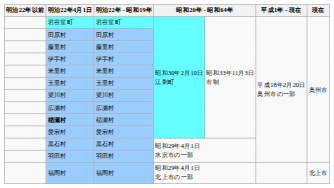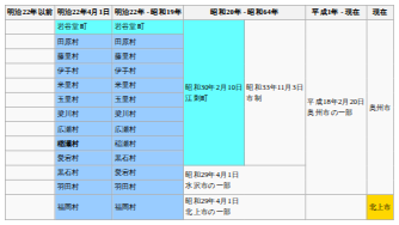 <table class="wikitable" style="font-size:x-small">
 <tr>
 <th>明治22年以前</th>
 <th>明治22年4月1日</th>
 <th>明治22年 - 昭和19年</th>
 <th colspan="2">昭和20年 - 昭和64年</th>
 <th>平成1年 - 現在</th>
 <th>現在</th>
 </tr>
 <tr>
 <td></td>
 <td style="background-color:#6ff;">岩谷堂町</td>
 <td style="background-color:#6ff;">岩谷堂町</td>
 <td rowspan="10" style="background-color:#6ff;">昭和30年2月10日<br>江刺町</td>
 <td rowspan="10">昭和33年11月3日<br>市制</td>
 <td rowspan="12">平成18年2月20日<br>奥州市の一部</td>
 <td rowspan="12">奥州市</td>
 </tr>
 <tr>
 <td></td>
 <td style="background-color:#9cf;">田原村</td>
 <td style="background-color:#9cf;">田原村</td>
 </tr>
 <tr>
 <td></td>
 <td style="background-color:#9cf;">藤里村</td>
 <td style="background-color:#9cf;">藤里村</td>
 </tr>
 <tr>
 <td></td>
 <td style="background-color:#9cf;">伊手村</td>
 <td style="background-color:#9cf;">伊手村</td>
 </tr>
 <tr>
 <td></td>
 <td style="background-color:#9cf;">米里村</td>
 <td style="background-color:#9cf;">米里村</td>
 </tr>
 <tr>
 <td></td>
 <td style="background-color:#9cf;">玉里村</td>
 <td style="background-color:#9cf;">玉里村</td>
 </tr>
 <tr>
 <td></td>
 <td style="background-color:#9cf;">梁川村</td>
 <td style="background-color:#9cf;">梁川村</td>
 </tr>
 <tr>
 <td></td>
 <td style="background-color:#9cf;">広瀬村</td>
 <td style="background-color:#9cf;">広瀬村</td>
 </tr>
 <tr>
 <td></td>
 <td style="background-color:#9cf;"><strong>稲瀬村</strong></td>
 <td style="background-color:#9cf;">稲瀬村</td>
 </tr>
 <tr>
 <td></td>
 <td style="background-color:#9cf;">愛宕村</td>
-<td style="background-color:#9cf;">愛宕村</td>
+<td style="background-color:#9cf;">黒石村</td>
 </tr>
 <tr>
 <td></td>
 <td style="background-color:#9cf;">黒石村</td>
-<td style="background-color:#9cf;">黒石村</td>
+<td style="background-color:#9cf;">愛宕村</td>
 <td rowspan="2" colspan="2">昭和29年4月1日<br>水沢市の一部</td>
 </tr>
 <tr>
 <td></td>
 <td style="background-color:#9cf;">羽田村</td>
 <td style="background-color:#9cf;">羽田村</td>
 </tr>
 <tr>
 <td></td>
 <td style="background-color:#9cf;">福岡村</td>
 <td style="background-color:#9cf;">福岡村</td>
 <td colspan="2">昭和29年4月1日<br>北上市の一部</td>
 <td></td>
-<td>北上市</td>
+<td style="background: gold;">北上市</td>
 </tr>
 </table>
